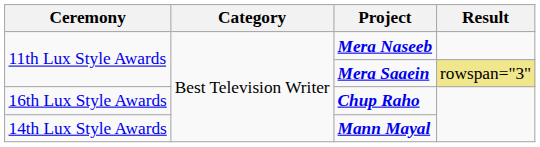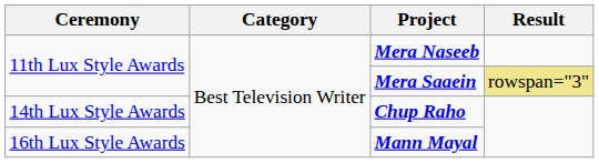 <table class="wikitable style">
 <tr>
 <th>Ceremony</th>
 <th>Category</th>
 <th>Project</th>
 <th>Result</th>
 </tr>
 <tr>
 <td rowspan="2"><a href='#'>11th Lux Style Awards</a></td>
 <td rowspan="4">Best Television Writer</td>
 <td><strong><em><a href='#'>Mera Naseeb</a></em></strong></td>
 <td></td>
 </tr>
 <tr>
 <td><strong><em><a href='#'>Mera Saaein</a></em></strong></td>
 <td style="background: khaki;">rowspan="3" </td>
 </tr>
 <tr>
-<td><a href='#'>16th Lux Style Awards</a></td>
+<td><a href='#'>14th Lux Style Awards</a></td>
 <td><strong><em><a href='#'>Chup Raho</a></em></strong></td>
 </tr>
 <tr>
-<td><a href='#'>14th Lux Style Awards</a></td>
+<td><a href='#'>16th Lux Style Awards</a></td>
 <td><strong><em><a href='#'>Mann Mayal</a></em></strong></td>
 </tr>
 </table>
